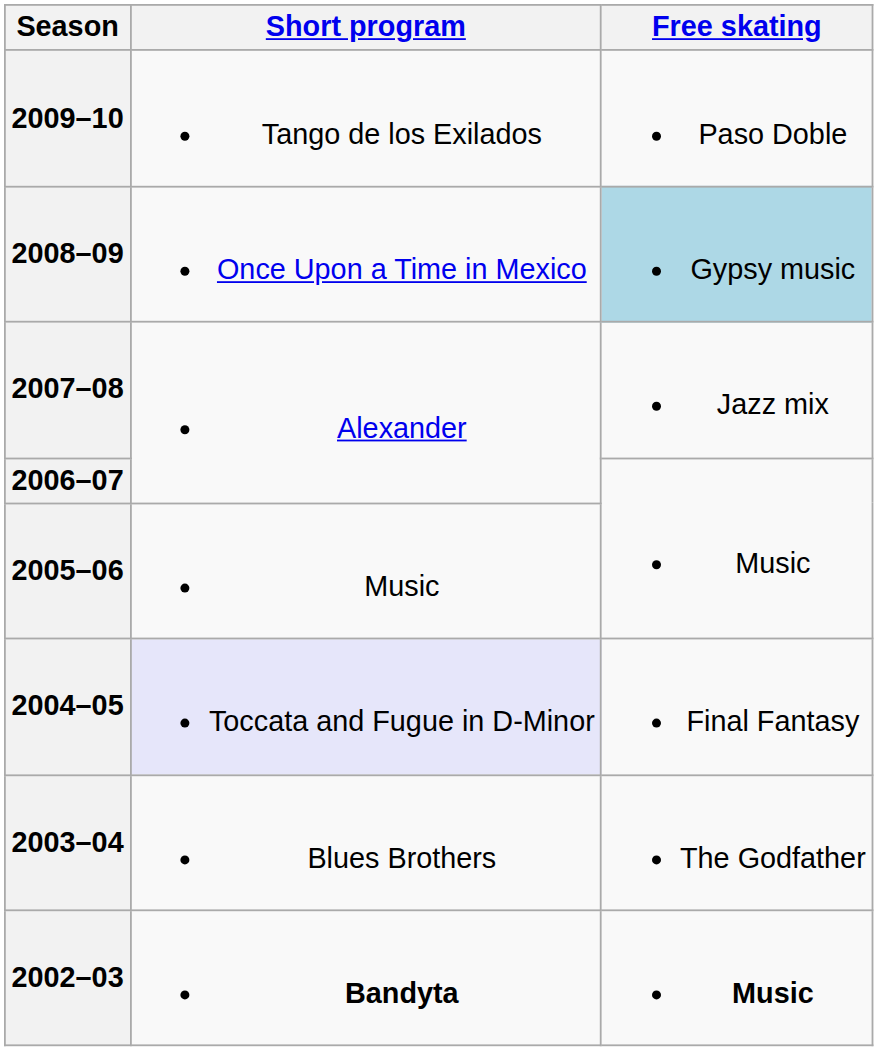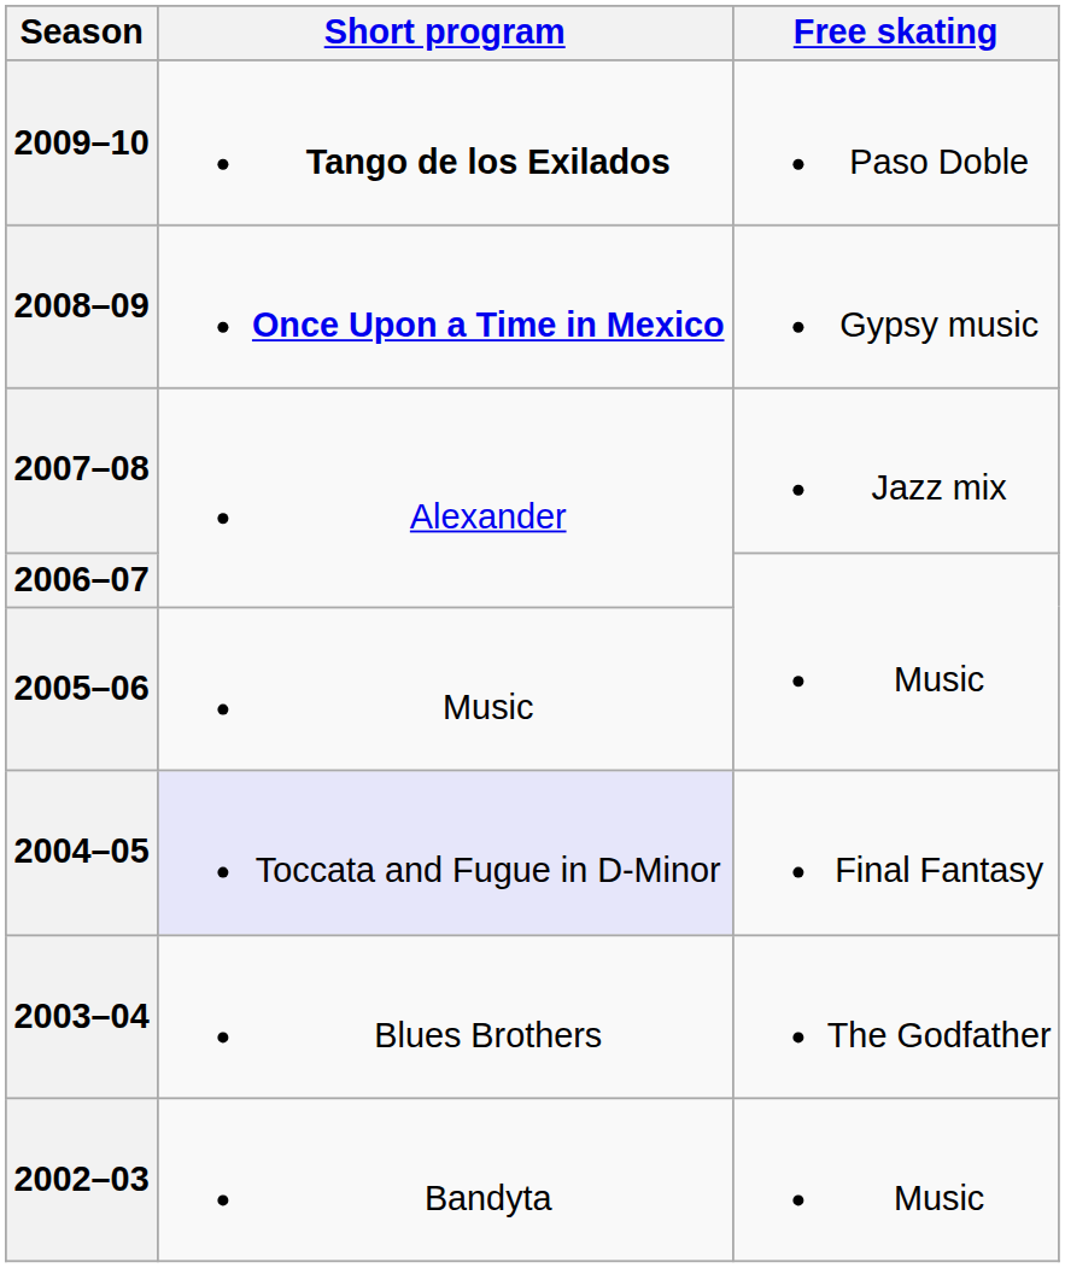 <table class="wikitable" style="text-align:center">
 <tr>
 <th>Season</th>
 <th><a href='#'>Short program</a></th>
 <th><a href='#'>Free skating</a></th>
 </tr>
 <tr>
 <th>2009–10 <br> </th>
-<td><br><ul><li>Tango de los Exilados <br></li></ul></td>
+<td><strong><br><ul><li>Tango de los Exilados <br></li></ul></strong></td>
 <td><br><ul><li>Paso Doble</li></ul></td>
 </tr>
 <tr>
 <th>2008–09 <br> </th>
-<td><br><ul><li><a href='#'>Once Upon a Time in Mexico</a> <br></li></ul></td>
-<td style="background: lightblue;"><br><ul><li>Gypsy music</li></ul></td>
+<td><strong><br><ul><li><a href='#'>Once Upon a Time in Mexico</a> <br></li></ul></strong></td>
+<td><br><ul><li>Gypsy music</li></ul></td>
 </tr>
 <tr>
 <th>2007–08 <br> </th>
 <td rowspan=2><br><ul><li><a href='#'>Alexander</a> <br></li></ul></td>
 <td><br><ul><li>Jazz mix</li></ul></td>
 </tr>
 <tr>
 <th>2006–07 <br> </th>
 <td rowspan=2><br><ul><li>Music <br></li></ul></td>
 </tr>
 <tr>
 <th>2005–06 <br> </th>
 <td><br><ul><li>Music <br></li></ul></td>
 </tr>
 <tr>
 <th>2004–05 <br> </th>
 <td style="background: lavender;"><br><ul><li>Toccata and Fugue in D-Minor <br></li></ul></td>
 <td><br><ul><li>Final Fantasy</li></ul></td>
 </tr>
 <tr>
 <th>2003–04 <br> </th>
 <td><br><ul><li>Blues Brothers <br></li></ul></td>
 <td><br><ul><li>The Godfather <br></li></ul></td>
 </tr>
 <tr>
 <th>2002–03 <br> </th>
-<td><strong><br><ul><li>Bandyta <br></li></ul></strong></td>
-<td><strong><br><ul><li>Music <br></li></ul></strong></td>
+<td><br><ul><li>Bandyta <br></li></ul></td>
+<td><br><ul><li>Music <br></li></ul></td>
 </tr>
 </table>
